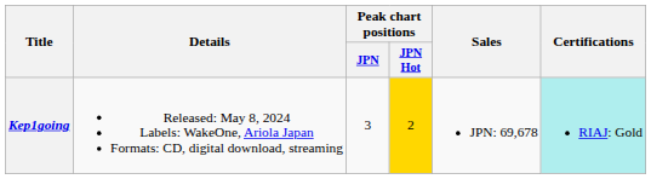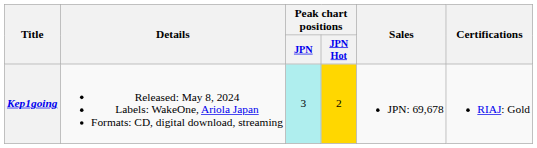 <table class="wikitable plainrowheaders" style="text-align:center">
 <tr>
 <th scope="col" rowspan="2">Title</th>
 <th scope="col" rowspan="2">Details</th>
 <th scope="col" colspan="2">Peak chart positions</th>
 <th scope="col" rowspan="2">Sales</th>
 <th scope="col" rowspan="2">Certifications</th>
 </tr>
 <tr>
 <th scope="col" style="font-size:90%; width:3em"><a href='#'>JPN</a><br></th>
 <th scope="col" style="font-size:90%; width:3em"><a href='#'>JPN<br>Hot</a><br></th>
 </tr>
 <tr>
 <th scope="row"><em><a href='#'>Kep1going</a></em></th>
 <td><br><ul><li>Released: May 8, 2024</li><li>Labels: WakeOne, <a href='#'>Ariola Japan</a></li><li>Formats: CD, digital download, streaming</li></ul></td>
-<td>3</td>
+<td style="background: paleturquoise;">3</td>
 <td style="background: gold;">2</td>
 <td><br><ul><li>JPN: 69,678</li></ul></td>
-<td style="background: paleturquoise;"><br><ul><li><a href='#'>RIAJ</a>: Gold </li></ul></td>
+<td><br><ul><li><a href='#'>RIAJ</a>: Gold </li></ul></td>
 </tr>
 </table>
